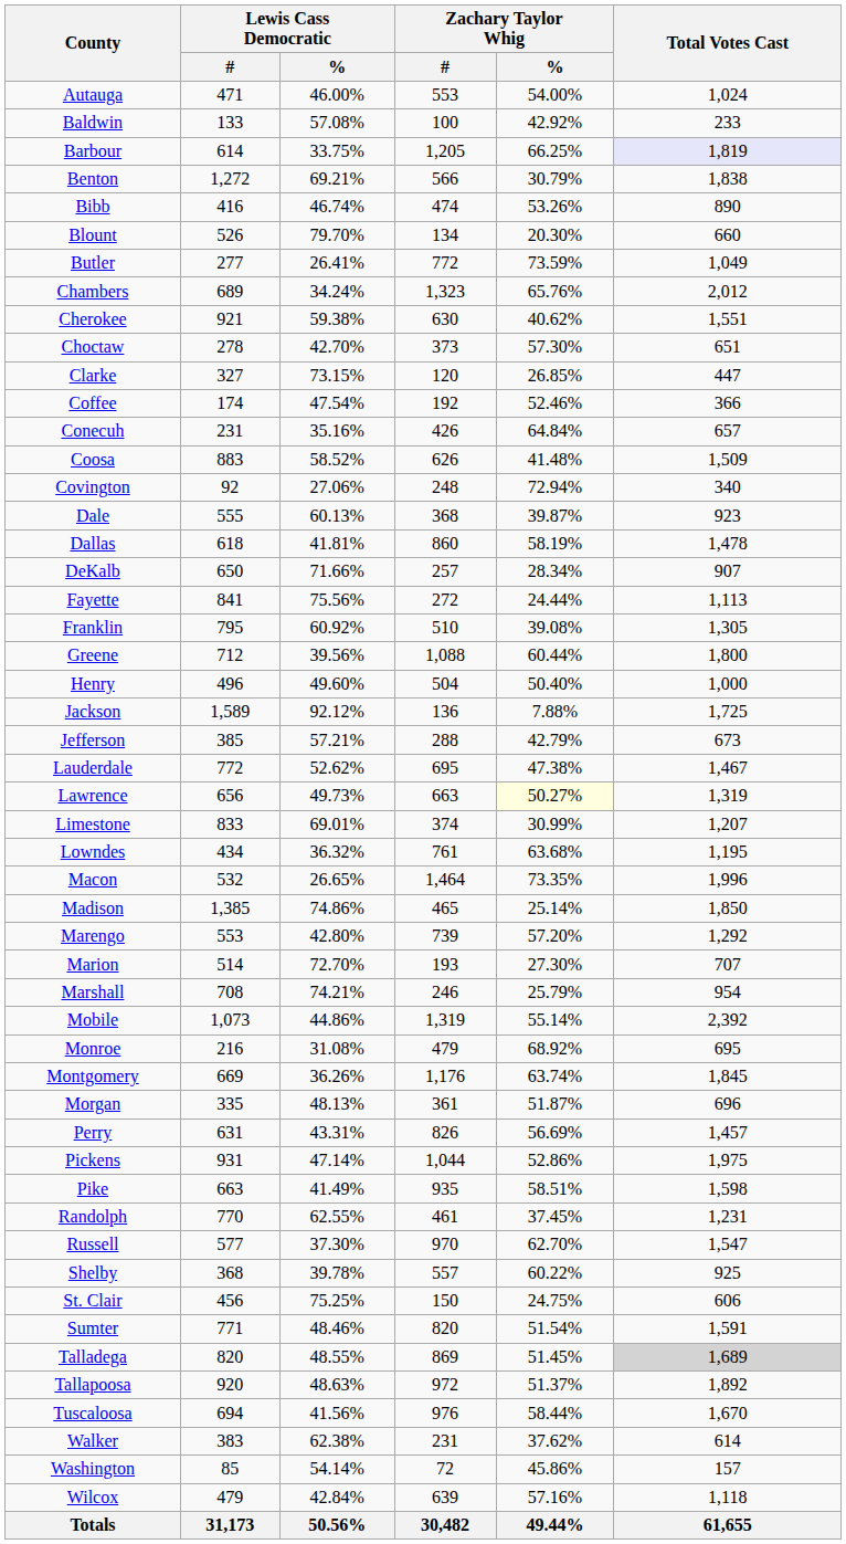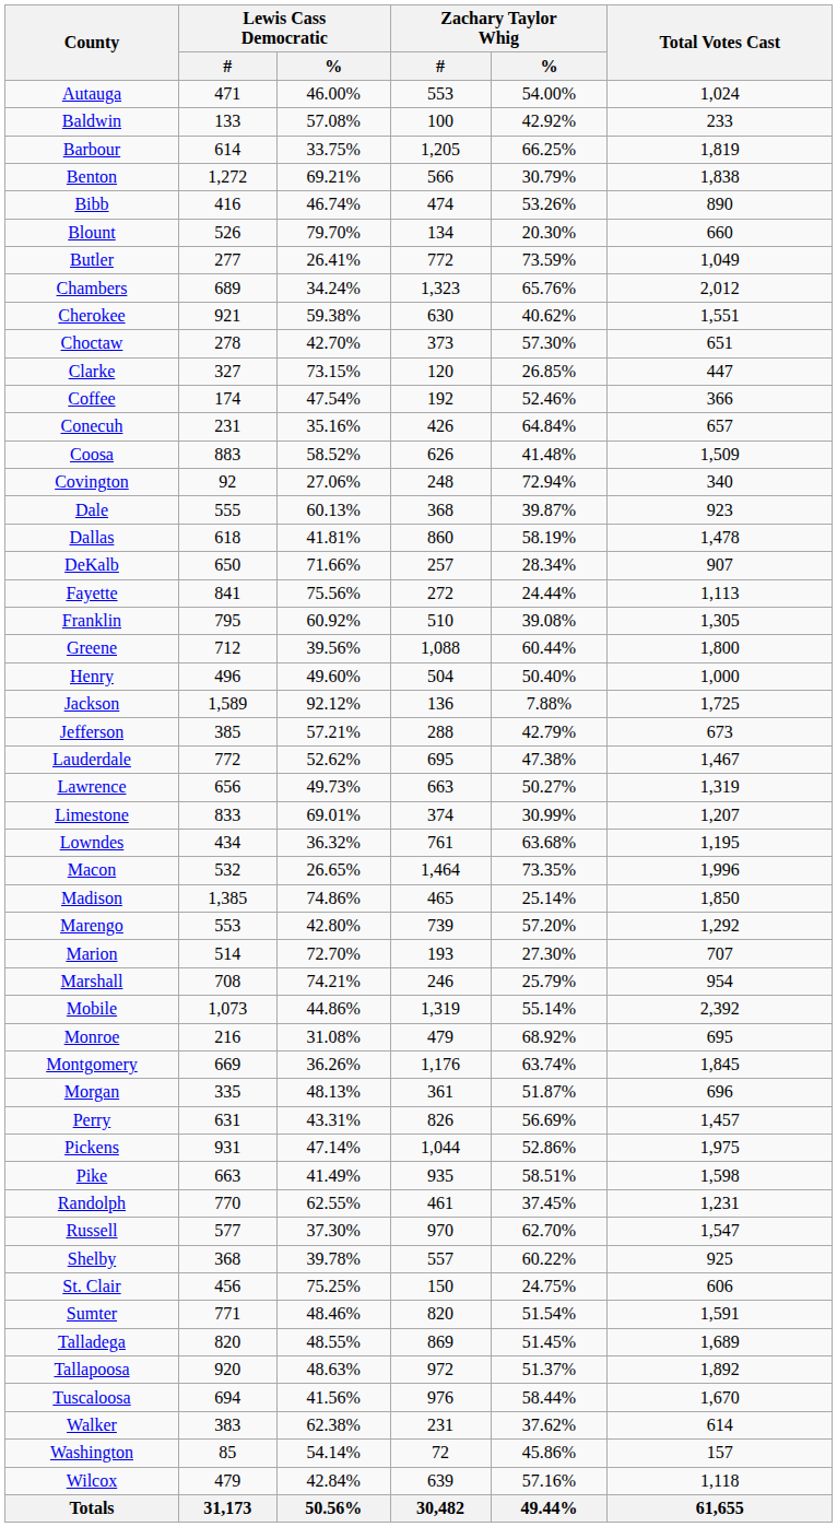 <table class="wikitable sortable" width="60%">
 <tr>
 <th rowspan="2">County</th>
 <th colspan="2">Lewis Cass<br>Democratic</th>
 <th colspan="2">Zachary Taylor<br>Whig</th>
 <th rowspan="2">Total Votes Cast</th>
 </tr>
 <tr>
 <th data-sort-type="number" style="text-align:center;">#</th>
 <th data-sort-type="number" style="text-align:center;">%</th>
 <th data-sort-type="number" style="text-align:center;">#</th>
 <th data-sort-type="number" style="text-align:center;">%</th>
 </tr>
 <tr style="text-align:center;">
 <td><a href='#'>Autauga</a></td>
 <td>471</td>
 <td>46.00%</td>
 <td>553</td>
 <td>54.00%</td>
 <td>1,024</td>
 </tr>
 <tr style="text-align:center;">
 <td><a href='#'>Baldwin</a></td>
 <td>133</td>
 <td>57.08%</td>
 <td>100</td>
 <td>42.92%</td>
 <td>233</td>
 </tr>
 <tr style="text-align:center;">
 <td><a href='#'>Barbour</a></td>
 <td>614</td>
 <td>33.75%</td>
 <td>1,205</td>
 <td>66.25%</td>
-<td style="background: lavender;">1,819</td>
+<td>1,819</td>
 </tr>
 <tr style="text-align:center;">
 <td><a href='#'>Benton</a></td>
 <td>1,272</td>
 <td>69.21%</td>
 <td>566</td>
 <td>30.79%</td>
 <td>1,838</td>
 </tr>
 <tr style="text-align:center;">
 <td><a href='#'>Bibb</a></td>
 <td>416</td>
 <td>46.74%</td>
 <td>474</td>
 <td>53.26%</td>
 <td>890</td>
 </tr>
 <tr style="text-align:center;">
 <td><a href='#'>Blount</a></td>
 <td>526</td>
 <td>79.70%</td>
 <td>134</td>
 <td>20.30%</td>
 <td>660</td>
 </tr>
 <tr style="text-align:center;">
 <td><a href='#'>Butler</a></td>
 <td>277</td>
 <td>26.41%</td>
 <td>772</td>
 <td>73.59%</td>
 <td>1,049</td>
 </tr>
 <tr style="text-align:center;">
 <td><a href='#'>Chambers</a></td>
 <td>689</td>
 <td>34.24%</td>
 <td>1,323</td>
 <td>65.76%</td>
 <td>2,012</td>
 </tr>
 <tr style="text-align:center;">
 <td><a href='#'>Cherokee</a></td>
 <td>921</td>
 <td>59.38%</td>
 <td>630</td>
 <td>40.62%</td>
 <td>1,551</td>
 </tr>
 <tr style="text-align:center;">
 <td><a href='#'>Choctaw</a></td>
 <td>278</td>
 <td>42.70%</td>
 <td>373</td>
 <td>57.30%</td>
 <td>651</td>
 </tr>
 <tr style="text-align:center;">
 <td><a href='#'>Clarke</a></td>
 <td>327</td>
 <td>73.15%</td>
 <td>120</td>
 <td>26.85%</td>
 <td>447</td>
 </tr>
 <tr style="text-align:center;">
 <td><a href='#'>Coffee</a></td>
 <td>174</td>
 <td>47.54%</td>
 <td>192</td>
 <td>52.46%</td>
 <td>366</td>
 </tr>
 <tr style="text-align:center;">
 <td><a href='#'>Conecuh</a></td>
 <td>231</td>
 <td>35.16%</td>
 <td>426</td>
 <td>64.84%</td>
 <td>657</td>
 </tr>
 <tr style="text-align:center;">
 <td><a href='#'>Coosa</a></td>
 <td>883</td>
 <td>58.52%</td>
 <td>626</td>
 <td>41.48%</td>
 <td>1,509</td>
 </tr>
 <tr style="text-align:center;">
 <td><a href='#'>Covington</a></td>
 <td>92</td>
 <td>27.06%</td>
 <td>248</td>
 <td>72.94%</td>
 <td>340</td>
 </tr>
 <tr style="text-align:center;">
 <td><a href='#'>Dale</a></td>
 <td>555</td>
 <td>60.13%</td>
 <td>368</td>
 <td>39.87%</td>
 <td>923</td>
 </tr>
 <tr style="text-align:center;">
 <td><a href='#'>Dallas</a></td>
 <td>618</td>
 <td>41.81%</td>
 <td>860</td>
 <td>58.19%</td>
 <td>1,478</td>
 </tr>
 <tr style="text-align:center;">
 <td><a href='#'>DeKalb</a></td>
 <td>650</td>
 <td>71.66%</td>
 <td>257</td>
 <td>28.34%</td>
 <td>907</td>
 </tr>
 <tr style="text-align:center;">
 <td><a href='#'>Fayette</a></td>
 <td>841</td>
 <td>75.56%</td>
 <td>272</td>
 <td>24.44%</td>
 <td>1,113</td>
 </tr>
 <tr style="text-align:center;">
 <td><a href='#'>Franklin</a></td>
 <td>795</td>
 <td>60.92%</td>
 <td>510</td>
 <td>39.08%</td>
 <td>1,305</td>
 </tr>
 <tr style="text-align:center;">
 <td><a href='#'>Greene</a></td>
 <td>712</td>
 <td>39.56%</td>
 <td>1,088</td>
 <td>60.44%</td>
 <td>1,800</td>
 </tr>
 <tr style="text-align:center;">
 <td><a href='#'>Henry</a></td>
 <td>496</td>
 <td>49.60%</td>
 <td>504</td>
 <td>50.40%</td>
 <td>1,000</td>
 </tr>
 <tr style="text-align:center;">
 <td><a href='#'>Jackson</a></td>
 <td>1,589</td>
 <td>92.12%</td>
 <td>136</td>
 <td>7.88%</td>
 <td>1,725</td>
 </tr>
 <tr style="text-align:center;">
 <td><a href='#'>Jefferson</a></td>
 <td>385</td>
 <td>57.21%</td>
 <td>288</td>
 <td>42.79%</td>
 <td>673</td>
 </tr>
 <tr style="text-align:center;">
 <td><a href='#'>Lauderdale</a></td>
 <td>772</td>
 <td>52.62%</td>
 <td>695</td>
 <td>47.38%</td>
 <td>1,467</td>
 </tr>
 <tr style="text-align:center;">
 <td><a href='#'>Lawrence</a></td>
 <td>656</td>
 <td>49.73%</td>
 <td>663</td>
-<td style="background: lightyellow;">50.27%</td>
+<td>50.27%</td>
 <td>1,319</td>
 </tr>
 <tr style="text-align:center;">
 <td><a href='#'>Limestone</a></td>
 <td>833</td>
 <td>69.01%</td>
 <td>374</td>
 <td>30.99%</td>
 <td>1,207</td>
 </tr>
 <tr style="text-align:center;">
 <td><a href='#'>Lowndes</a></td>
 <td>434</td>
 <td>36.32%</td>
 <td>761</td>
 <td>63.68%</td>
 <td>1,195</td>
 </tr>
 <tr style="text-align:center;">
 <td><a href='#'>Macon</a></td>
 <td>532</td>
 <td>26.65%</td>
 <td>1,464</td>
 <td>73.35%</td>
 <td>1,996</td>
 </tr>
 <tr style="text-align:center;">
 <td><a href='#'>Madison</a></td>
 <td>1,385</td>
 <td>74.86%</td>
 <td>465</td>
 <td>25.14%</td>
 <td>1,850</td>
 </tr>
 <tr style="text-align:center;">
 <td><a href='#'>Marengo</a></td>
 <td>553</td>
 <td>42.80%</td>
 <td>739</td>
 <td>57.20%</td>
 <td>1,292</td>
 </tr>
 <tr style="text-align:center;">
 <td><a href='#'>Marion</a></td>
 <td>514</td>
 <td>72.70%</td>
 <td>193</td>
 <td>27.30%</td>
 <td>707</td>
 </tr>
 <tr style="text-align:center;">
 <td><a href='#'>Marshall</a></td>
 <td>708</td>
 <td>74.21%</td>
 <td>246</td>
 <td>25.79%</td>
 <td>954</td>
 </tr>
 <tr style="text-align:center;">
 <td><a href='#'>Mobile</a></td>
 <td>1,073</td>
 <td>44.86%</td>
 <td>1,319</td>
 <td>55.14%</td>
 <td>2,392</td>
 </tr>
 <tr style="text-align:center;">
 <td><a href='#'>Monroe</a></td>
 <td>216</td>
 <td>31.08%</td>
 <td>479</td>
 <td>68.92%</td>
 <td>695</td>
 </tr>
 <tr style="text-align:center;">
 <td><a href='#'>Montgomery</a></td>
 <td>669</td>
 <td>36.26%</td>
 <td>1,176</td>
 <td>63.74%</td>
 <td>1,845</td>
 </tr>
 <tr style="text-align:center;">
 <td><a href='#'>Morgan</a></td>
 <td>335</td>
 <td>48.13%</td>
 <td>361</td>
 <td>51.87%</td>
 <td>696</td>
 </tr>
 <tr style="text-align:center;">
 <td><a href='#'>Perry</a></td>
 <td>631</td>
 <td>43.31%</td>
 <td>826</td>
 <td>56.69%</td>
 <td>1,457</td>
 </tr>
 <tr style="text-align:center;">
 <td><a href='#'>Pickens</a></td>
 <td>931</td>
 <td>47.14%</td>
 <td>1,044</td>
 <td>52.86%</td>
 <td>1,975</td>
 </tr>
 <tr style="text-align:center;">
 <td><a href='#'>Pike</a></td>
 <td>663</td>
 <td>41.49%</td>
 <td>935</td>
 <td>58.51%</td>
 <td>1,598</td>
 </tr>
 <tr style="text-align:center;">
 <td><a href='#'>Randolph</a></td>
 <td>770</td>
 <td>62.55%</td>
 <td>461</td>
 <td>37.45%</td>
 <td>1,231</td>
 </tr>
 <tr style="text-align:center;">
 <td><a href='#'>Russell</a></td>
 <td>577</td>
 <td>37.30%</td>
 <td>970</td>
 <td>62.70%</td>
 <td>1,547</td>
 </tr>
 <tr style="text-align:center;">
 <td><a href='#'>Shelby</a></td>
 <td>368</td>
 <td>39.78%</td>
 <td>557</td>
 <td>60.22%</td>
 <td>925</td>
 </tr>
 <tr style="text-align:center;">
 <td><a href='#'>St. Clair</a></td>
 <td>456</td>
 <td>75.25%</td>
 <td>150</td>
 <td>24.75%</td>
 <td>606</td>
 </tr>
 <tr style="text-align:center;">
 <td><a href='#'>Sumter</a></td>
 <td>771</td>
 <td>48.46%</td>
 <td>820</td>
 <td>51.54%</td>
 <td>1,591</td>
 </tr>
 <tr style="text-align:center;">
 <td><a href='#'>Talladega</a></td>
 <td>820</td>
 <td>48.55%</td>
 <td>869</td>
 <td>51.45%</td>
-<td style="background: lightgrey;">1,689</td>
+<td>1,689</td>
 </tr>
 <tr style="text-align:center;">
 <td><a href='#'>Tallapoosa</a></td>
 <td>920</td>
 <td>48.63%</td>
 <td>972</td>
 <td>51.37%</td>
 <td>1,892</td>
 </tr>
 <tr style="text-align:center;">
 <td><a href='#'>Tuscaloosa</a></td>
 <td>694</td>
 <td>41.56%</td>
 <td>976</td>
 <td>58.44%</td>
 <td>1,670</td>
 </tr>
 <tr style="text-align:center;">
 <td><a href='#'>Walker</a></td>
 <td>383</td>
 <td>62.38%</td>
 <td>231</td>
 <td>37.62%</td>
 <td>614</td>
 </tr>
 <tr style="text-align:center;">
 <td><a href='#'>Washington</a></td>
 <td>85</td>
 <td>54.14%</td>
 <td>72</td>
 <td>45.86%</td>
 <td>157</td>
 </tr>
 <tr style="text-align:center;">
 <td><a href='#'>Wilcox</a></td>
 <td>479</td>
 <td>42.84%</td>
 <td>639</td>
 <td>57.16%</td>
 <td>1,118</td>
 </tr>
 <tr>
 <th>Totals</th>
 <th>31,173</th>
 <th>50.56%</th>
 <th>30,482</th>
 <th>49.44%</th>
 <th>61,655</th>
 </tr>
 </table>
